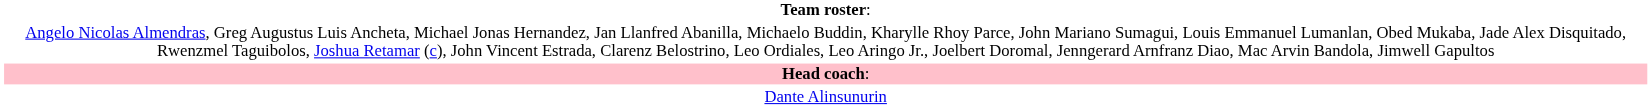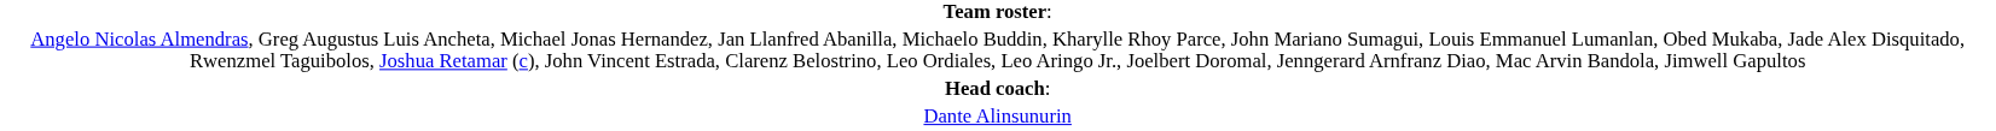 <table style="text-align:center; margin-top:2em; margin-left:auto; margin-right:auto">
 <tr>
 <td><strong>Team roster</strong>:</td>
 </tr>
 <tr>
 <td><a href='#'>Angelo Nicolas Almendras</a>, Greg Augustus Luis Ancheta, Michael Jonas Hernandez, Jan Llanfred Abanilla, Michaelo Buddin, Kharylle Rhoy Parce, John Mariano Sumagui, Louis Emmanuel Lumanlan, Obed Mukaba, Jade Alex Disquitado, Rwenzmel Taguibolos, <a href='#'>Joshua Retamar</a> (<a href='#'>c</a>), John Vincent Estrada, Clarenz Belostrino, Leo Ordiales, Leo Aringo Jr., Joelbert Doromal, Jenngerard Arnfranz Diao, Mac Arvin Bandola, Jimwell Gapultos</td>
 </tr>
 <tr>
-<td style="background: pink;"><strong>Head coach</strong>:</td>
+<td><strong>Head coach</strong>:</td>
 </tr>
 <tr>
 <td><a href='#'>Dante Alinsunurin</a></td>
 </tr>
 </table>
